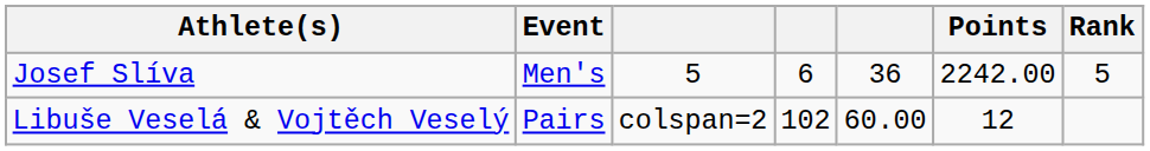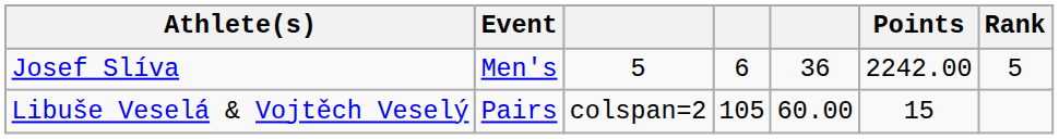 <table class="wikitable" style="font-size:90%">
 <tr>
 <th>Athlete(s)</th>
 <th>Event</th>
 <th></th>
 <th></th>
 <th></th>
 <th>Points</th>
 <th>Rank</th>
 </tr>
 <tr align="center">
 <td align="left"><a href='#'>Josef Slíva</a></td>
 <td align="left"><a href='#'>Men's</a></td>
 <td>5</td>
 <td>6</td>
 <td>36</td>
 <td>2242.00</td>
 <td>5</td>
 </tr>
 <tr align="center">
 <td align="left"><a href='#'>Libuše Veselá</a> & <a href='#'>Vojtěch Veselý</a></td>
 <td align="left" rowspan=3><a href='#'>Pairs</a></td>
 <td>colspan=2 </td>
-<td>102</td>
+<td>105</td>
 <td>60.00</td>
-<td>12</td>
+<td>15</td>
 </tr>
 </table>
